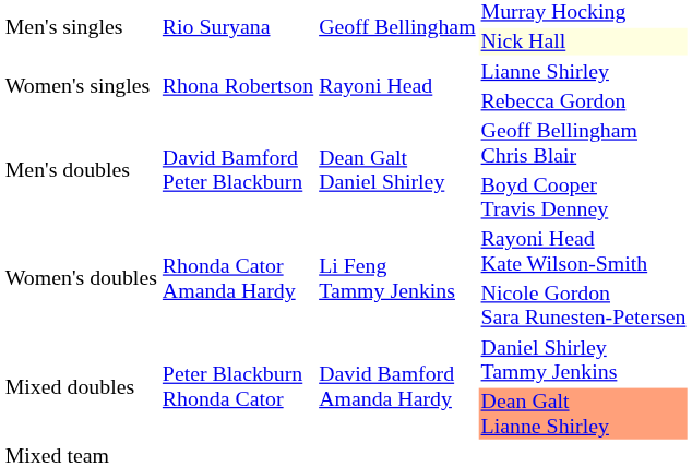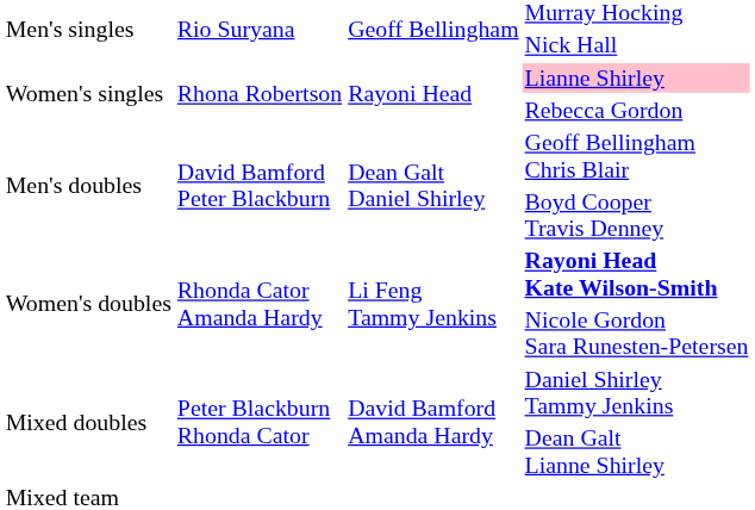 <table>
 <tr>
 <td rowspan="2">Men's singles</td>
 <td rowspan="2"> <a href='#'>Rio Suryana</a></td>
 <td rowspan="2"> <a href='#'>Geoff Bellingham</a></td>
 <td> <a href='#'>Murray Hocking</a></td>
 </tr>
 <tr>
-<td style="background: lightyellow;"> <a href='#'>Nick Hall</a></td>
+<td> <a href='#'>Nick Hall</a></td>
 </tr>
 <tr>
 <td rowspan="2">Women's singles</td>
 <td rowspan="2"> <a href='#'>Rhona Robertson</a></td>
 <td rowspan="2"> <a href='#'>Rayoni Head</a></td>
-<td> <a href='#'>Lianne Shirley</a></td>
+<td style="background: pink;"> <a href='#'>Lianne Shirley</a></td>
 </tr>
 <tr>
 <td> <a href='#'>Rebecca Gordon</a></td>
 </tr>
 <tr>
 <td rowspan="2">Men's doubles</td>
 <td rowspan="2"> <a href='#'>David Bamford</a><br>  <a href='#'>Peter Blackburn</a></td>
 <td rowspan="2"> <a href='#'>Dean Galt</a><br>  <a href='#'>Daniel Shirley</a></td>
 <td> <a href='#'>Geoff Bellingham</a><br>  <a href='#'>Chris Blair</a></td>
 </tr>
 <tr>
 <td> <a href='#'>Boyd Cooper</a><br>  <a href='#'>Travis Denney</a></td>
 </tr>
 <tr>
 <td rowspan="2">Women's doubles</td>
 <td rowspan="2"> <a href='#'>Rhonda Cator</a><br>  <a href='#'>Amanda Hardy</a></td>
 <td rowspan="2"> <a href='#'>Li Feng</a><br>  <a href='#'>Tammy Jenkins</a></td>
-<td> <a href='#'>Rayoni Head</a><br>  <a href='#'>Kate Wilson-Smith</a></td>
+<td><strong> <a href='#'>Rayoni Head</a><br>  <a href='#'>Kate Wilson-Smith</a></strong></td>
 </tr>
 <tr>
 <td> <a href='#'>Nicole Gordon</a><br>  <a href='#'>Sara Runesten-Petersen</a></td>
 </tr>
 <tr>
 <td rowspan="2">Mixed doubles</td>
 <td rowspan="2"> <a href='#'>Peter Blackburn</a><br>  <a href='#'>Rhonda Cator</a></td>
 <td rowspan="2"> <a href='#'>David Bamford</a><br>  <a href='#'>Amanda Hardy</a></td>
 <td> <a href='#'>Daniel Shirley</a><br>  <a href='#'>Tammy Jenkins</a></td>
 </tr>
 <tr>
-<td style="background: lightsalmon;"> <a href='#'>Dean Galt</a><br>  <a href='#'>Lianne Shirley</a></td>
+<td> <a href='#'>Dean Galt</a><br>  <a href='#'>Lianne Shirley</a></td>
 </tr>
 <tr>
 <td>Mixed team</td>
 <td></td>
 <td></td>
 <td></td>
 </tr>
 </table>
